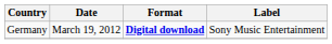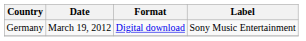 <table class=wikitable>
 <tr>
 <th scope="col">Country</th>
 <th scope="col">Date</th>
 <th scope="col">Format</th>
 <th scope="col">Label</th>
 </tr>
 <tr>
 <td>Germany</td>
 <td>March 19, 2012</td>
-<td><strong><a href='#'>Digital download</a></strong></td>
+<td><a href='#'>Digital download</a></td>
 <td>Sony Music Entertainment</td>
 </tr>
 <tr>
 </tr>
 </table>
